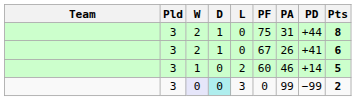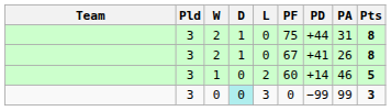 <table class="wikitable" style="text-align:center;">
 <tr>
 <th width=175>Team</th>
 <th width=20 abbr="Played">Pld</th>
 <th width=20 abbr="Won">W</th>
 <th width=20 abbr="Drawn">D</th>
 <th width=20 abbr="Lost">L</th>
 <th width=20 abbr="Points for">PF</th>
+<th width=25 abbr="Points difference">PD</th>
 <th width=20 abbr="Points against">PA</th>
-<th width=25 abbr="Points difference">PD</th>
 <th width=20 abbr="Points">Pts</th>
 </tr>
 <tr bgcolor=ccffcc>
 <td align=left></td>
 <td>3</td>
 <td>2</td>
 <td>1</td>
 <td>0</td>
 <td>75</td>
+<td>+44</td>
 <td>31</td>
-<td>+44</td>
 <td><strong>8</strong></td>
 </tr>
 <tr bgcolor=ccffcc>
 <td align=left></td>
 <td>3</td>
 <td>2</td>
 <td>1</td>
 <td>0</td>
 <td>67</td>
+<td>+41</td>
 <td>26</td>
-<td>+41</td>
-<td><strong>6</strong></td>
+<td><strong>8</strong></td>
 </tr>
 <tr bgcolor=ccffcc>
 <td align=left></td>
 <td>3</td>
 <td>1</td>
 <td>0</td>
 <td>2</td>
 <td>60</td>
+<td>+14</td>
 <td>46</td>
-<td>+14</td>
 <td><strong>5</strong></td>
 </tr>
 <tr>
 <td align=left></td>
 <td>3</td>
-<td style="background: lavender;">0</td>
+<td>0</td>
 <td style="background: paleturquoise;">0</td>
 <td>3</td>
 <td>0</td>
+<td>−99</td>
 <td>99</td>
-<td>−99</td>
-<td><strong>2</strong></td>
+<td><strong>3</strong></td>
 </tr>
 </table>
